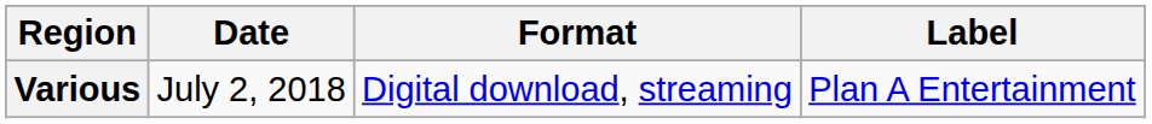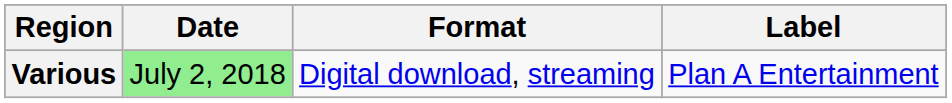 <table class="wikitable plainrowheaders">
 <tr>
 <th>Region</th>
 <th>Date</th>
 <th>Format</th>
 <th>Label</th>
 </tr>
 <tr>
 <th scope="row">Various</th>
-<td>July 2, 2018</td>
+<td style="background: lightgreen;">July 2, 2018</td>
 <td><a href='#'>Digital download</a>, <a href='#'>streaming</a></td>
 <td rowspan="2"><a href='#'>Plan A Entertainment</a></td>
 </tr>
 </table>
